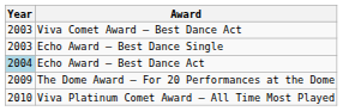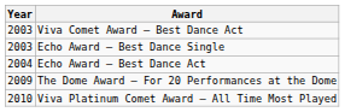 <table class="wikitable">
 <tr>
 <th>Year</th>
 <th>Award</th>
 </tr>
 <tr>
 <td>2003</td>
 <td>Viva Comet Award – Best Dance Act</td>
 </tr>
 <tr>
 <td>2003</td>
 <td>Echo Award – Best Dance Single</td>
 </tr>
 <tr>
-<td style="background: lightblue;">2004</td>
+<td>2004</td>
 <td>Echo Award – Best Dance Act</td>
 </tr>
 <tr>
 <td>2009</td>
 <td>The Dome Award – For 20 Performances at the Dome</td>
 </tr>
 <tr>
 <td>2010</td>
 <td>Viva Platinum Comet Award – All Time Most Played</td>
 </tr>
 </table>
